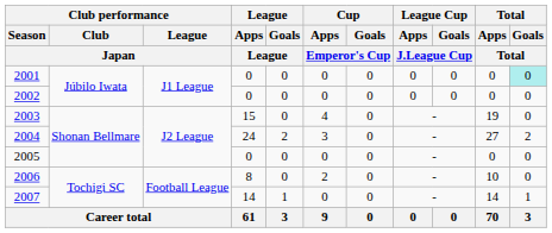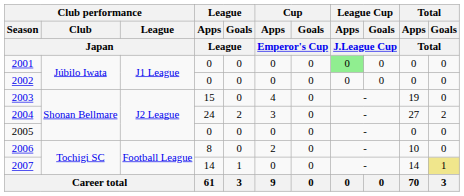 <table class="wikitable" style="text-align:center">
 <tr>
 <th colspan=3>Club performance</th>
 <th colspan=2>League</th>
 <th colspan=2>Cup</th>
 <th colspan=2>League Cup</th>
 <th colspan=2>Total</th>
 </tr>
 <tr>
 <th>Season</th>
 <th>Club</th>
 <th>League</th>
 <th>Apps</th>
 <th>Goals</th>
 <th>Apps</th>
 <th>Goals</th>
 <th>Apps</th>
 <th>Goals</th>
 <th>Apps</th>
 <th>Goals</th>
 </tr>
 <tr>
 <th colspan=3>Japan</th>
 <th colspan=2>League</th>
 <th colspan=2><a href='#'>Emperor's Cup</a></th>
 <th colspan=2><a href='#'>J.League Cup</a></th>
 <th colspan=2>Total</th>
 </tr>
 <tr>
 <td><a href='#'>2001</a></td>
 <td rowspan=2><a href='#'>Júbilo Iwata</a></td>
 <td rowspan=2><a href='#'>J1 League</a></td>
 <td>0</td>
 <td>0</td>
 <td>0</td>
 <td>0</td>
+<td style="background: lightgreen;">0</td>
 <td>0</td>
 <td>0</td>
 <td>0</td>
-<td style="background: paleturquoise;">0</td>
 </tr>
 <tr>
 <td><a href='#'>2002</a></td>
 <td>0</td>
 <td>0</td>
 <td>0</td>
 <td>0</td>
 <td>0</td>
 <td>0</td>
 <td>0</td>
 <td>0</td>
 </tr>
 <tr>
 <td><a href='#'>2003</a></td>
 <td rowspan=3><a href='#'>Shonan Bellmare</a></td>
 <td rowspan=3><a href='#'>J2 League</a></td>
 <td>15</td>
 <td>0</td>
 <td>4</td>
 <td>0</td>
 <td colspan=2>-</td>
 <td>19</td>
 <td>0</td>
 </tr>
 <tr>
 <td><a href='#'>2004</a></td>
 <td>24</td>
 <td>2</td>
 <td>3</td>
 <td>0</td>
 <td colspan=2>-</td>
 <td>27</td>
 <td>2</td>
 </tr>
 <tr>
 <td>2005</td>
 <td>0</td>
 <td>0</td>
 <td>0</td>
 <td>0</td>
 <td colspan=2>-</td>
 <td>0</td>
 <td>0</td>
 </tr>
 <tr>
 <td><a href='#'>2006</a></td>
 <td rowspan=2><a href='#'>Tochigi SC</a></td>
 <td rowspan=2><a href='#'>Football League</a></td>
 <td>8</td>
 <td>0</td>
 <td>2</td>
 <td>0</td>
 <td colspan=2>-</td>
 <td>10</td>
 <td>0</td>
 </tr>
 <tr>
 <td><a href='#'>2007</a></td>
 <td>14</td>
 <td>1</td>
 <td>0</td>
 <td>0</td>
 <td colspan=2>-</td>
 <td>14</td>
-<td>1</td>
+<td style="background: khaki;">1</td>
 </tr>
 <tr>
 <th colspan=3>Career total</th>
 <th>61</th>
 <th>3</th>
 <th>9</th>
 <th>0</th>
 <th>0</th>
 <th>0</th>
 <th>70</th>
 <th>3</th>
 </tr>
 </table>
